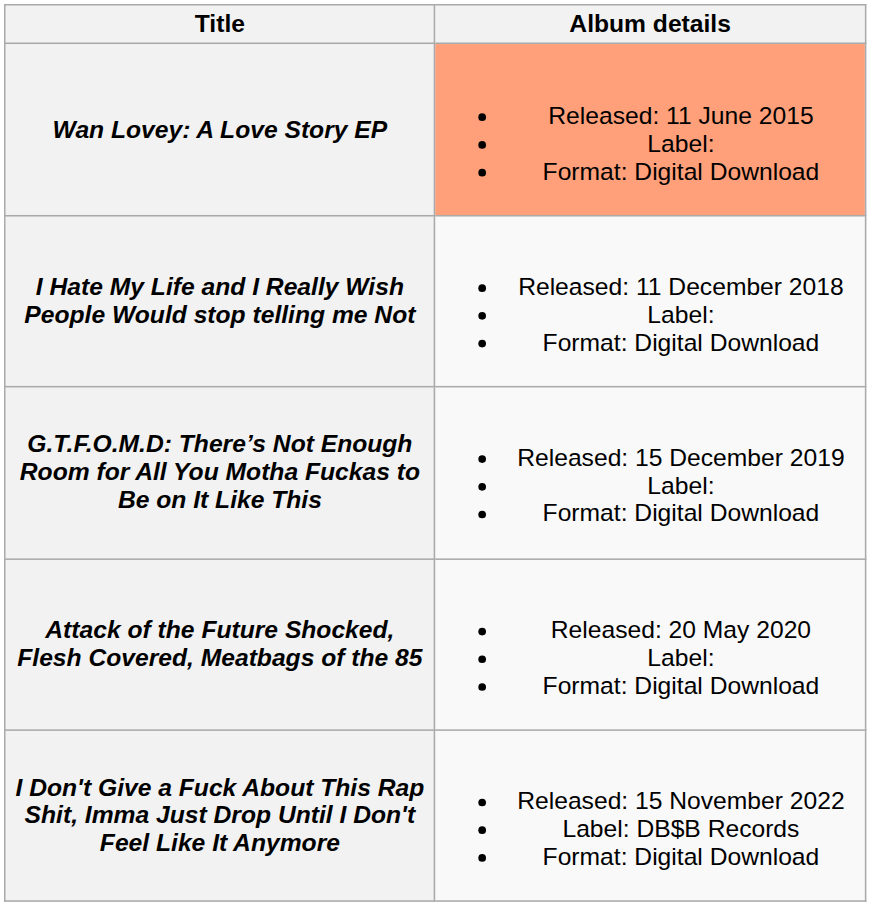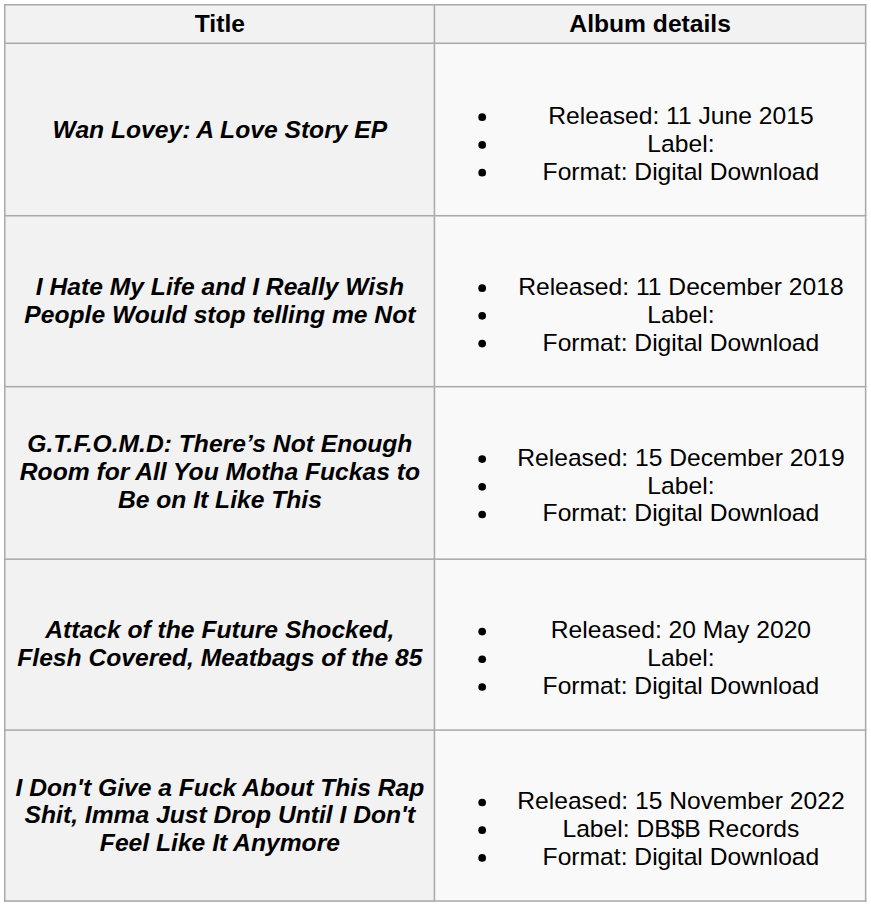 <table class="wikitable plainrowheaders" style="text-align:center;">
 <tr>
 <th scope="col" style="width:17em;">Title</th>
 <th scope="col" style="width:17em;">Album details</th>
 </tr>
 <tr>
 <th scope="row"><em>Wan Lovey: A Love Story EP</em></th>
-<td style="background: lightsalmon;"><br><ul><li>Released: 11 June 2015</li><li>Label:</li><li>Format: Digital Download</li></ul></td>
+<td><br><ul><li>Released: 11 June 2015</li><li>Label:</li><li>Format: Digital Download</li></ul></td>
 </tr>
 <tr>
 <th scope="row"><em>I Hate My Life and I Really Wish People Would stop telling me Not</em></th>
 <td><br><ul><li>Released: 11 December 2018</li><li>Label:</li><li>Format: Digital Download</li></ul></td>
 </tr>
 <tr>
 <th scope="row"><em>G.T.F.O.M.D: There’s Not Enough Room for All You Motha Fuckas to Be on It Like This</em></th>
 <td><br><ul><li>Released: 15 December 2019</li><li>Label:</li><li>Format: Digital Download</li></ul></td>
 </tr>
 <tr>
 <th scope="row"><em>Attack of the Future Shocked, Flesh Covered, Meatbags of the 85</em></th>
 <td><br><ul><li>Released: 20 May 2020</li><li>Label:</li><li>Format: Digital Download</li></ul></td>
 </tr>
 <tr>
 <th scope="row"><em>I Don't Give a Fuck About This Rap Shit, Imma Just Drop Until I Don't Feel Like It Anymore</em></th>
 <td><br><ul><li>Released: 15 November 2022</li><li>Label: DB$B Records</li><li>Format: Digital Download</li></ul></td>
 </tr>
 </table>
